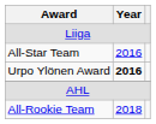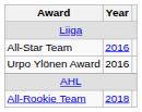 <table class="wikitable">
 <tr>
 <th>Award</th>
 <th>Year</th>
 <th></th>
 </tr>
 <tr ALIGN="center" bgcolor="#e0e0e0">
 <td colspan="3"><a href='#'>Liiga</a></td>
 </tr>
 <tr>
 <td>All-Star Team</td>
 <td><a href='#'>2016</a></td>
 <td></td>
 </tr>
 <tr>
 <td>Urpo Ylönen Award</td>
-<td><strong>2016</strong></td>
+<td>2016</td>
 <td></td>
 </tr>
 <tr>
 </tr>
 <tr ALIGN="center" bgcolor="#e0e0e0">
 <td colspan="3"><a href='#'>AHL</a></td>
 </tr>
 <tr>
 <td><a href='#'>All-Rookie Team</a></td>
 <td><a href='#'>2018</a></td>
 <td></td>
 </tr>
 </table>
